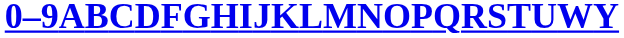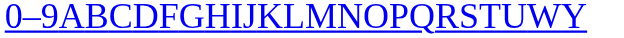 <table id="toc" class="toc" summary="Class">
 <tr>
 <th></th>
 </tr>
 <tr>
-<td style="text-align:center;"><strong><a href='#'>0–9</a><a href='#'>A</a><a href='#'>B</a><a href='#'>C</a><a href='#'>D</a><a href='#'>F</a><a href='#'>G</a><a href='#'>H</a><a href='#'>I</a><a href='#'>J</a><a href='#'>K</a><a href='#'>L</a><a href='#'>M</a><a href='#'>N</a><a href='#'>O</a><a href='#'>P</a><a href='#'>Q</a><a href='#'>R</a><a href='#'>S</a><a href='#'>T</a><a href='#'>U</a><a href='#'>W</a><a href='#'>Y</a></strong></td>
+<td style="text-align:center;"><a href='#'>0–9</a><a href='#'>A</a><a href='#'>B</a><a href='#'>C</a><a href='#'>D</a><a href='#'>F</a><a href='#'>G</a><a href='#'>H</a><a href='#'>I</a><a href='#'>J</a><a href='#'>K</a><a href='#'>L</a><a href='#'>M</a><a href='#'>N</a><a href='#'>O</a><a href='#'>P</a><a href='#'>Q</a><a href='#'>R</a><a href='#'>S</a><a href='#'>T</a><a href='#'>U</a><a href='#'>W</a><a href='#'>Y</a></td>
 </tr>
 </table>
